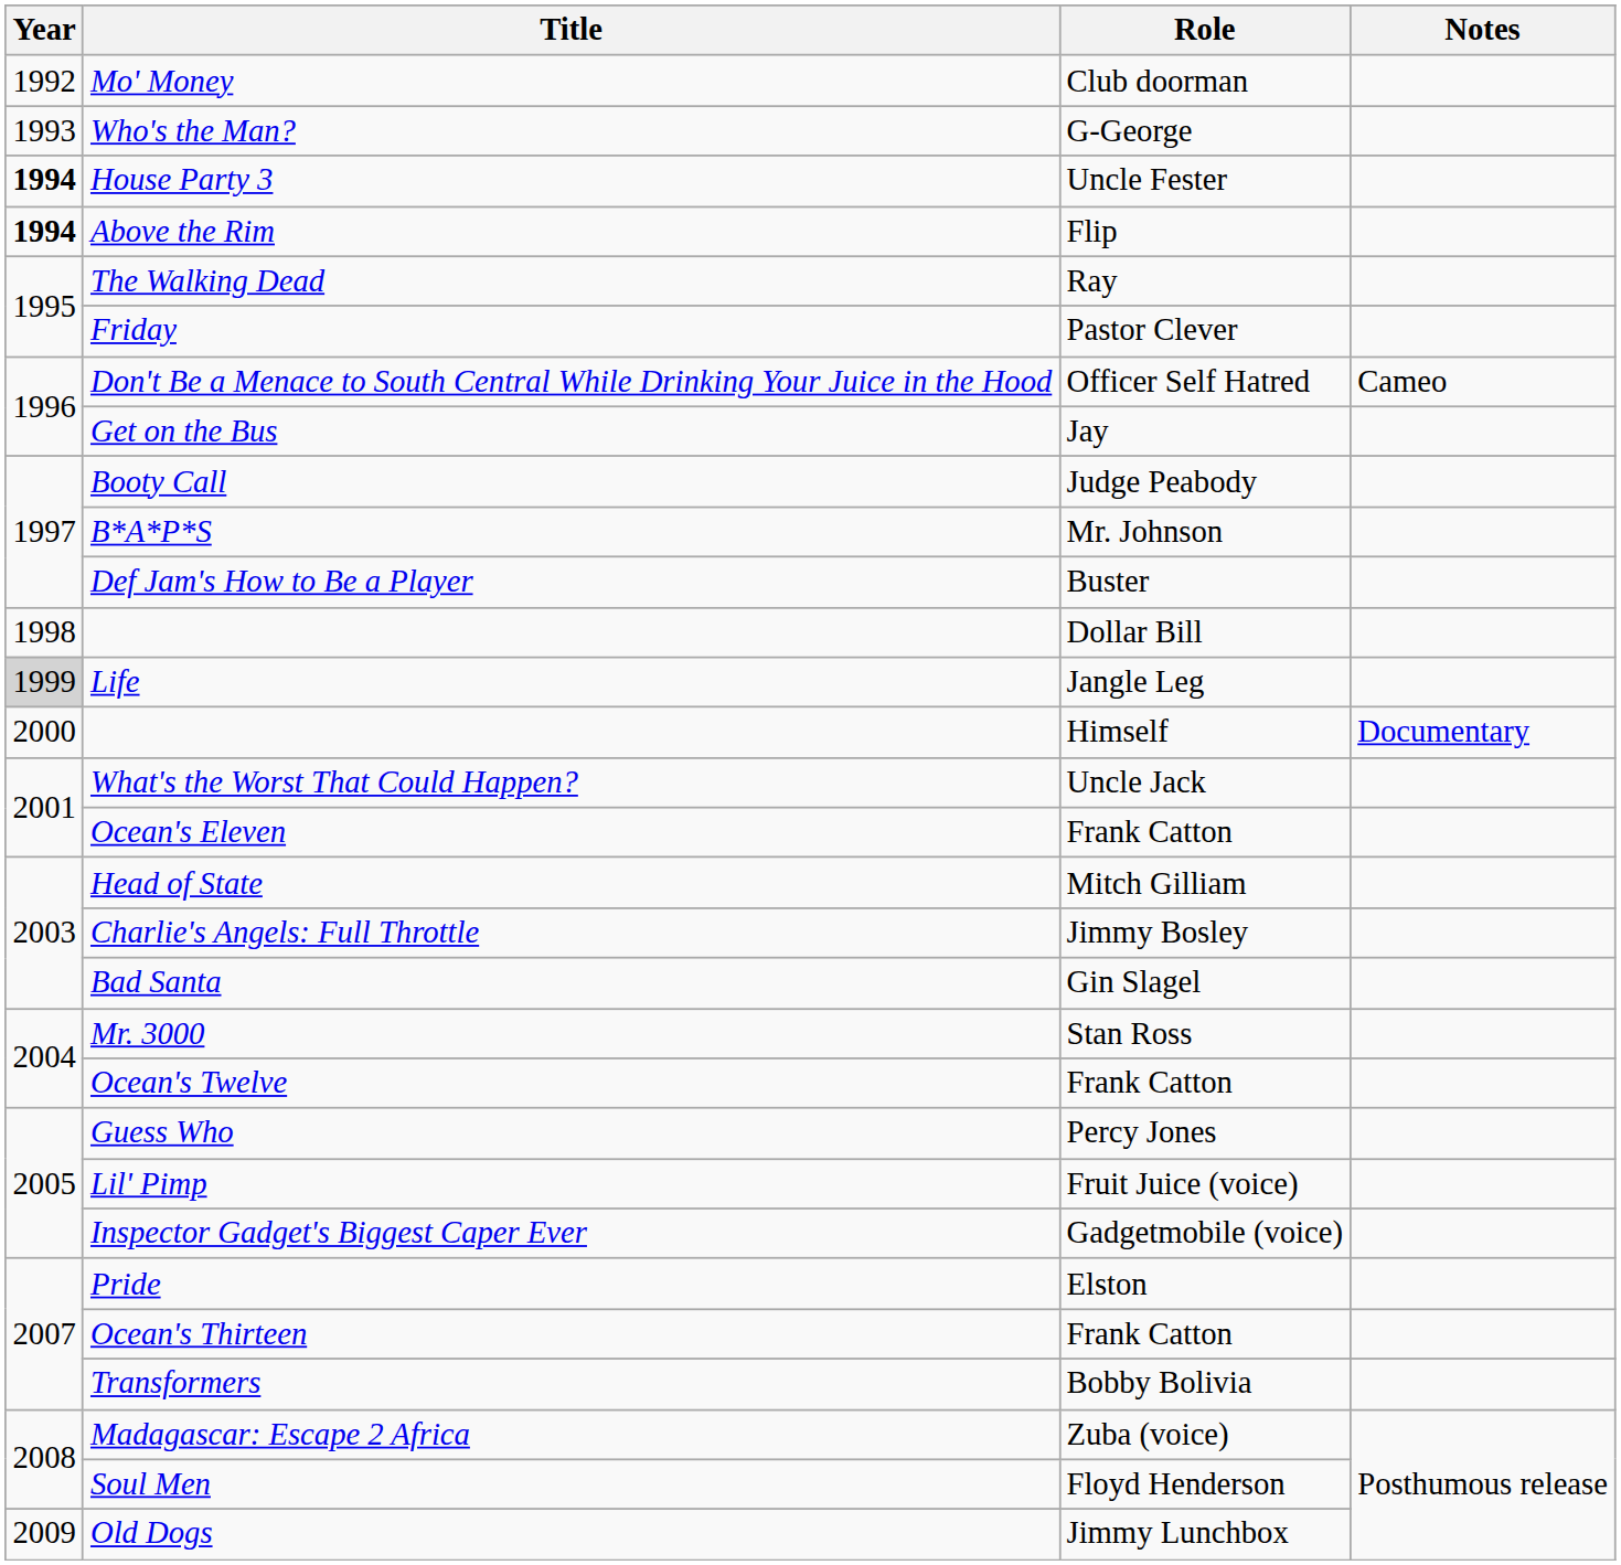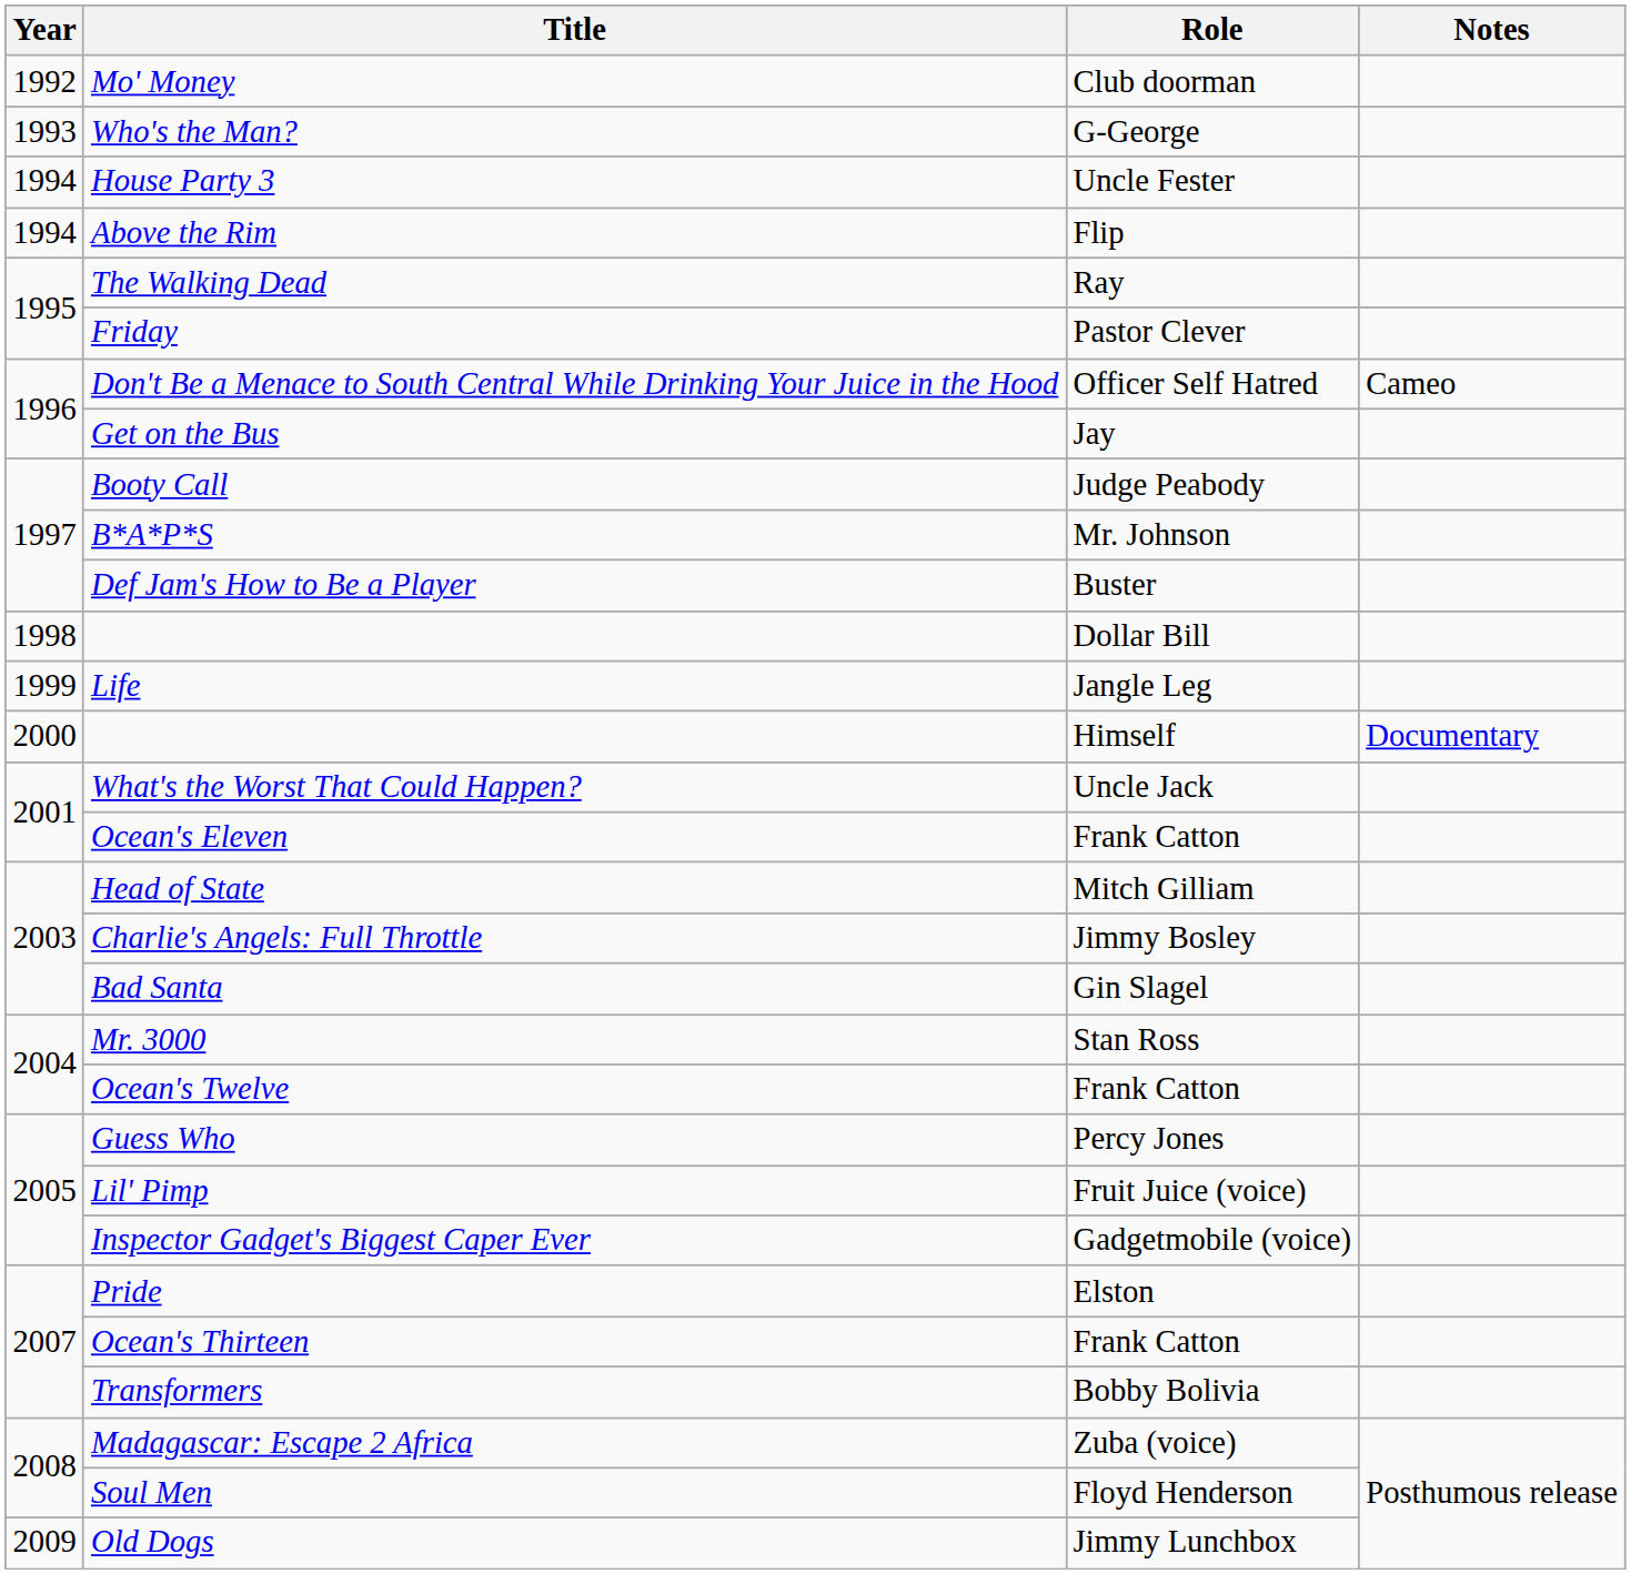 <table class="wikitable sortable">
 <tr>
 <th>Year</th>
 <th>Title</th>
 <th>Role</th>
 <th class = "unsortable">Notes</th>
 </tr>
 <tr>
 <td>1992</td>
 <td><em><a href='#'>Mo' Money</a></em></td>
 <td>Club doorman</td>
 <td></td>
 </tr>
 <tr>
 <td>1993</td>
 <td><em><a href='#'>Who's the Man?</a></em></td>
 <td>G-George</td>
 <td></td>
 </tr>
 <tr>
-<td><strong>1994</strong></td>
+<td>1994</td>
 <td><em><a href='#'>House Party 3</a></em></td>
 <td>Uncle Fester</td>
 <td></td>
 </tr>
 <tr>
-<td><strong>1994</strong></td>
+<td>1994</td>
 <td><em><a href='#'>Above the Rim</a></em></td>
 <td>Flip</td>
 <td></td>
 </tr>
 <tr>
 <td rowspan=2>1995</td>
 <td><em><a href='#'>The Walking Dead</a></em></td>
 <td>Ray</td>
 <td></td>
 </tr>
 <tr>
 <td><em><a href='#'>Friday</a></em></td>
 <td>Pastor Clever</td>
 <td></td>
 </tr>
 <tr>
 <td rowspan=2>1996</td>
 <td><em><a href='#'>Don't Be a Menace to South Central While Drinking Your Juice in the Hood</a></em></td>
 <td>Officer Self Hatred</td>
 <td>Cameo</td>
 </tr>
 <tr>
 <td><em><a href='#'>Get on the Bus</a></em></td>
 <td>Jay</td>
 <td></td>
 </tr>
 <tr>
 <td rowspan=3>1997</td>
 <td><em><a href='#'>Booty Call</a></em></td>
 <td>Judge Peabody</td>
 <td></td>
 </tr>
 <tr>
 <td><em><a href='#'>B*A*P*S</a></em></td>
 <td>Mr. Johnson</td>
 <td></td>
 </tr>
 <tr>
 <td><em><a href='#'>Def Jam's How to Be a Player</a></em></td>
 <td>Buster</td>
 <td></td>
 </tr>
 <tr>
 <td>1998</td>
 <td><em></em></td>
 <td>Dollar Bill</td>
 <td></td>
 </tr>
 <tr>
-<td style="background: lightgrey;">1999</td>
+<td>1999</td>
 <td><em><a href='#'>Life</a></em></td>
 <td>Jangle Leg</td>
 <td></td>
 </tr>
 <tr>
 <td>2000</td>
 <td><em></em></td>
 <td>Himself</td>
 <td><a href='#'>Documentary</a></td>
 </tr>
 <tr>
 <td rowspan=2>2001</td>
 <td><em><a href='#'>What's the Worst That Could Happen?</a></em></td>
 <td>Uncle Jack</td>
 <td></td>
 </tr>
 <tr>
 <td><em><a href='#'>Ocean's Eleven</a></em></td>
 <td>Frank Catton</td>
 <td></td>
 </tr>
 <tr>
 <td rowspan=3>2003</td>
 <td><em><a href='#'>Head of State</a></em></td>
 <td>Mitch Gilliam</td>
 <td></td>
 </tr>
 <tr>
 <td><em><a href='#'>Charlie's Angels: Full Throttle</a></em></td>
 <td>Jimmy Bosley</td>
 <td></td>
 </tr>
 <tr>
 <td><em><a href='#'>Bad Santa</a></em></td>
 <td>Gin Slagel</td>
 <td></td>
 </tr>
 <tr>
 <td rowspan=2>2004</td>
 <td><em><a href='#'>Mr. 3000</a></em></td>
 <td>Stan Ross</td>
 <td></td>
 </tr>
 <tr>
 <td><em><a href='#'>Ocean's Twelve</a></em></td>
 <td>Frank Catton</td>
 <td></td>
 </tr>
 <tr>
 <td rowspan=3>2005</td>
 <td><em><a href='#'>Guess Who</a></em></td>
 <td>Percy Jones</td>
 <td></td>
 </tr>
 <tr>
 <td><em><a href='#'>Lil' Pimp</a></em></td>
 <td>Fruit Juice (voice)</td>
 <td></td>
 </tr>
 <tr>
 <td><em><a href='#'>Inspector Gadget's Biggest Caper Ever</a></em></td>
 <td>Gadgetmobile (voice)</td>
 <td></td>
 </tr>
 <tr>
 <td rowspan=3>2007</td>
 <td><em><a href='#'>Pride</a></em></td>
 <td>Elston</td>
 <td></td>
 </tr>
 <tr>
 <td><em><a href='#'>Ocean's Thirteen</a></em></td>
 <td>Frank Catton</td>
 <td></td>
 </tr>
 <tr>
 <td><em><a href='#'>Transformers</a></em></td>
 <td>Bobby Bolivia</td>
 <td></td>
 </tr>
 <tr>
 <td rowspan=2>2008</td>
 <td><em><a href='#'>Madagascar: Escape 2 Africa</a></em></td>
 <td>Zuba (voice)</td>
 <td rowspan="3">Posthumous release</td>
 </tr>
 <tr>
 <td><em><a href='#'>Soul Men</a></em></td>
 <td>Floyd Henderson</td>
 </tr>
 <tr>
 <td>2009</td>
 <td><em><a href='#'>Old Dogs</a></em></td>
 <td>Jimmy Lunchbox</td>
 </tr>
 </table>
